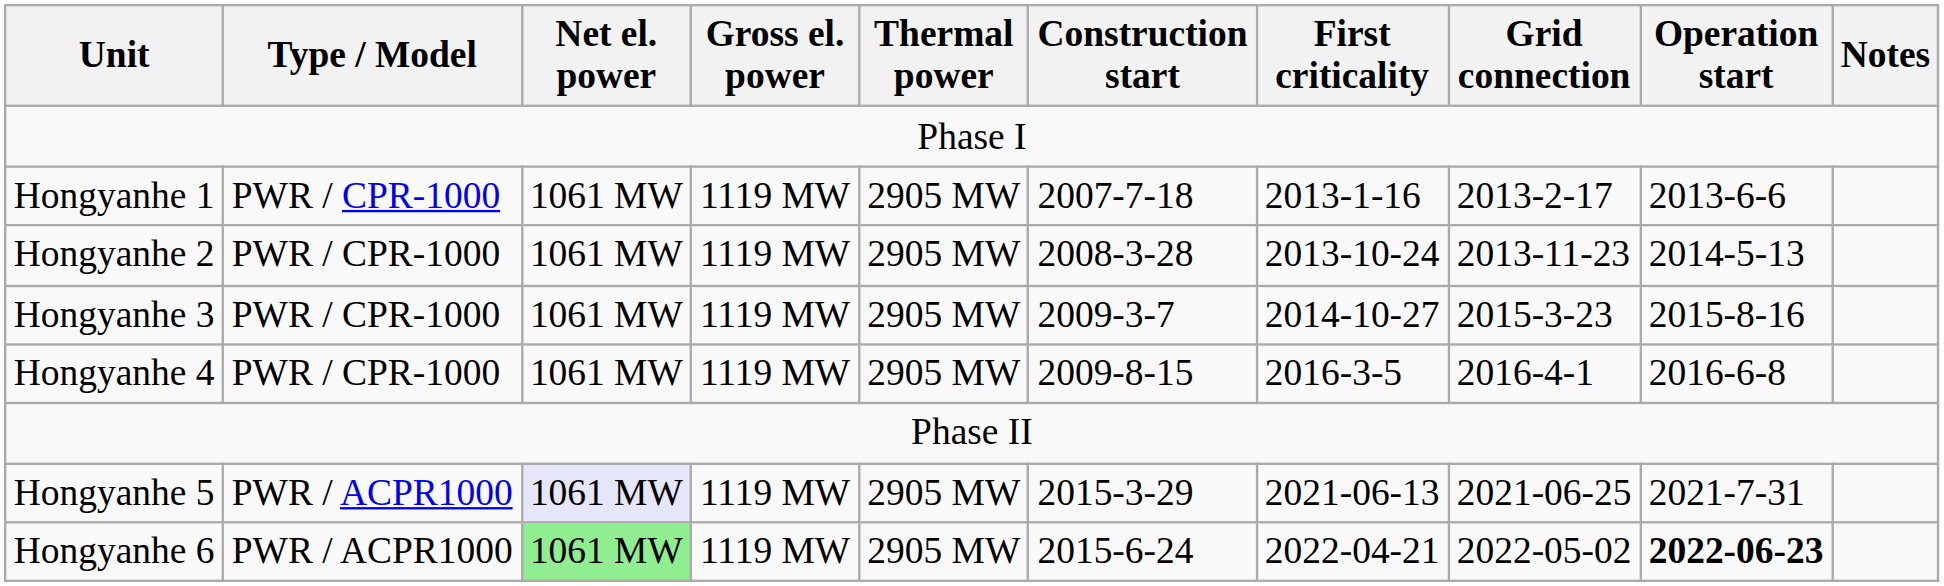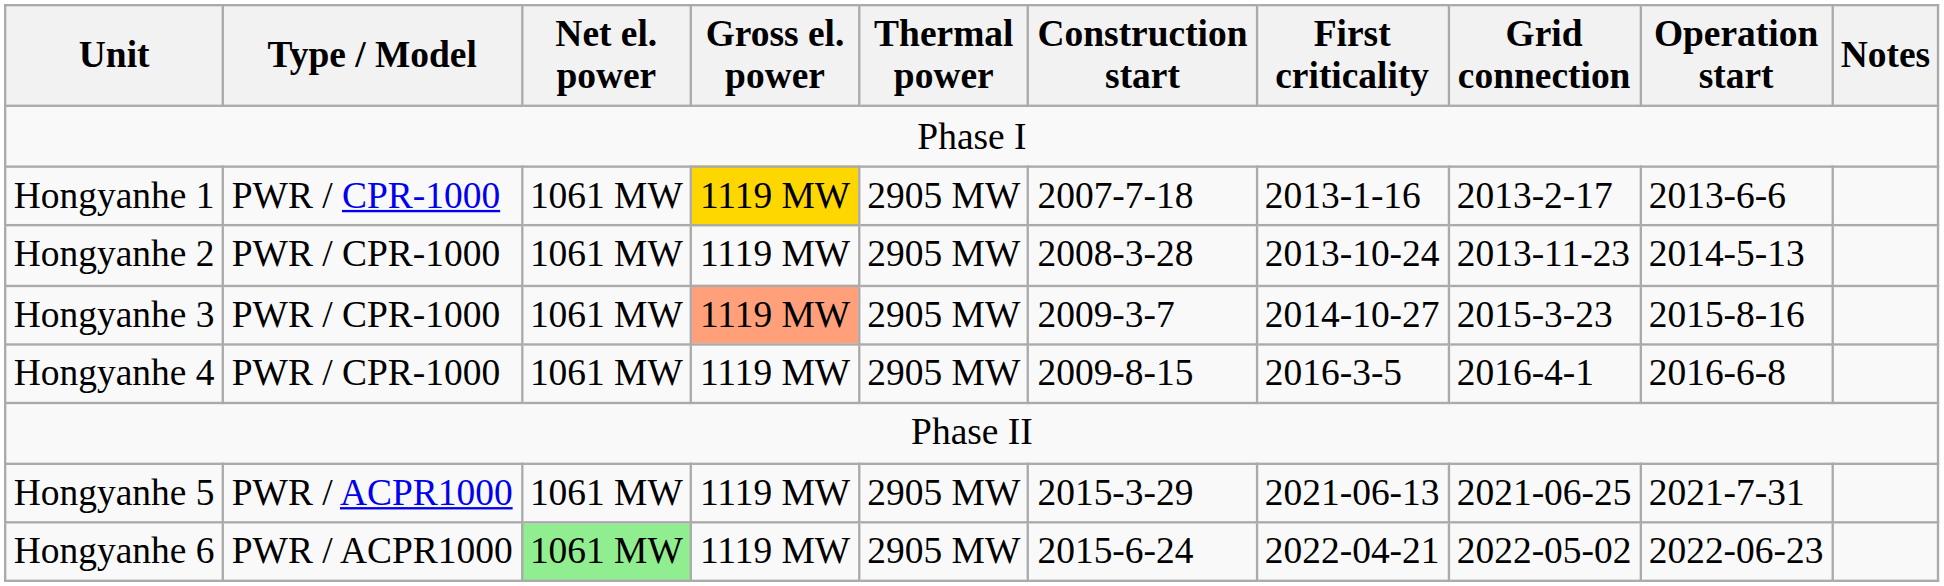 <table class="wikitable">
 <tr>
 <th>Unit</th>
 <th>Type / Model</th>
 <th>Net el. <br> power</th>
 <th>Gross el. <br> power</th>
 <th>Thermal <br> power</th>
 <th>Construction <br> start</th>
 <th>First <br> criticality</th>
 <th>Grid <br> connection</th>
 <th>Operation <br> start</th>
 <th>Notes</th>
 </tr>
 <tr>
 <td colspan="10" align="center">Phase I</td>
 </tr>
 <tr>
 <td>Hongyanhe 1</td>
 <td>PWR / <a href='#'>CPR-1000</a></td>
 <td>1061 MW</td>
-<td>1119 MW</td>
+<td style="background: gold;">1119 MW</td>
 <td>2905 MW</td>
 <td>2007-7-18</td>
 <td>2013-1-16</td>
 <td>2013-2-17</td>
 <td>2013-6-6</td>
 <td></td>
 </tr>
 <tr>
 <td>Hongyanhe 2</td>
 <td>PWR / CPR-1000</td>
 <td>1061 MW</td>
 <td>1119 MW</td>
 <td>2905 MW</td>
 <td>2008-3-28</td>
 <td>2013-10-24</td>
 <td>2013-11-23</td>
 <td>2014-5-13</td>
 <td></td>
 </tr>
 <tr>
 <td>Hongyanhe 3</td>
 <td>PWR / CPR-1000</td>
 <td>1061 MW</td>
-<td>1119 MW</td>
+<td style="background: lightsalmon;">1119 MW</td>
 <td>2905 MW</td>
 <td>2009-3-7</td>
 <td>2014-10-27</td>
 <td>2015-3-23</td>
 <td>2015-8-16</td>
 <td></td>
 </tr>
 <tr>
 <td>Hongyanhe 4</td>
 <td>PWR / CPR-1000</td>
 <td>1061 MW</td>
 <td>1119 MW</td>
 <td>2905 MW</td>
 <td>2009-8-15</td>
 <td>2016-3-5</td>
 <td>2016-4-1</td>
 <td>2016-6-8</td>
 <td></td>
 </tr>
 <tr>
 <td colspan="10" align="center">Phase II</td>
 </tr>
 <tr>
 <td>Hongyanhe 5</td>
 <td>PWR / <a href='#'>ACPR1000</a></td>
-<td style="background: lavender;">1061 MW</td>
+<td>1061 MW</td>
 <td>1119 MW</td>
 <td>2905 MW</td>
 <td>2015-3-29</td>
 <td>2021-06-13</td>
 <td>2021-06-25</td>
 <td>2021-7-31</td>
 <td></td>
 </tr>
 <tr>
 <td>Hongyanhe 6</td>
 <td>PWR / ACPR1000</td>
 <td style="background: lightgreen;">1061 MW</td>
 <td>1119 MW</td>
 <td>2905 MW</td>
 <td>2015-6-24</td>
 <td>2022-04-21</td>
 <td>2022-05-02</td>
-<td><strong>2022-06-23</strong></td>
+<td>2022-06-23</td>
 <td></td>
 </tr>
 </table>
